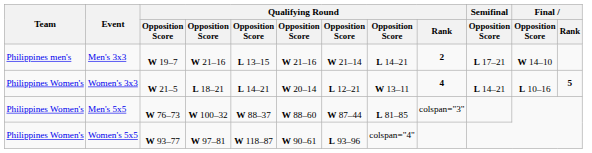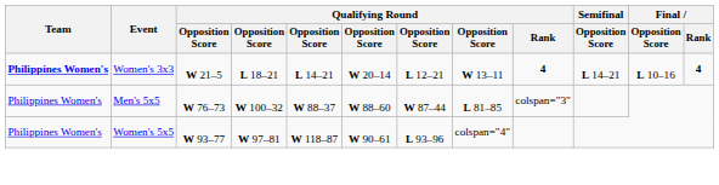 <table class="wikitable" style="font-size:90%">
 <tr>
 <th rowspan=2>Team</th>
 <th rowspan=2>Event</th>
 <th colspan=7>Qualifying Round</th>
 <th>Semifinal</th>
 <th colspan=2>Final / </th>
 </tr>
 <tr style="font-size:95%">
 <th>Opposition<br>Score</th>
 <th>Opposition<br>Score</th>
 <th>Opposition<br>Score</th>
 <th>Opposition<br>Score</th>
 <th>Opposition<br>Score</th>
 <th>Opposition<br>Score</th>
 <th>Rank</th>
 <th>Opposition<br>Score</th>
 <th>Opposition<br>Score</th>
 <th>Rank</th>
 </tr>
 <tr align=center>
-<td align=left><a href='#'>Philippines men's</a></td>
-<td align=left><a href='#'>Men's 3x3</a></td>
-<td><br> <strong>W</strong> 19–7</td>
-<td><br><strong>W</strong> 21–16</td>
-<td><br> <strong>L</strong> 13–15</td>
-<td><br><strong>W</strong> 21–16</td>
-<td><br><strong>W</strong> 21–14</td>
-<td><br> <strong>L</strong> 14–21</td>
-<td><strong>2</strong></td>
-<td><br> <strong>L</strong> 17–21</td>
-<td><br><strong>W</strong> 14–10</td>
-<td></td>
-</tr>
-<tr align=center>
-<td align=left><a href='#'>Philippines Women's</a></td>
+<td align=left><strong><a href='#'>Philippines Women's</a></strong></td>
 <td align=left><a href='#'>Women's 3x3</a></td>
 <td><br> <strong>W</strong> 21–5</td>
 <td><br> <strong>L</strong> 18–21</td>
 <td><br> <strong>L</strong> 14–21</td>
 <td><br> <strong>W</strong> 20–14</td>
 <td><br> <strong>L</strong> 12–21</td>
 <td><br> <strong>W</strong> 13–11</td>
 <td><strong>4</strong></td>
 <td><br> <strong>L</strong> 14–21</td>
 <td><br><strong>L</strong> 10–16</td>
-<td><strong>5</strong></td>
+<td><strong>4</strong></td>
 </tr>
 <tr align=center>
 <td align=left><a href='#'>Philippines Women's</a></td>
 <td align=left><a href='#'>Men's 5x5</a></td>
 <td><br> <strong>W</strong> 76–73</td>
 <td><br> <strong>W</strong> 100–32</td>
 <td><br> <strong>W</strong> 88–37</td>
 <td><br> <strong>W</strong> 88–60</td>
 <td><br> <strong>W</strong> 87–44</td>
 <td><br> <strong>L</strong> 81–85</td>
 <td>colspan="3" </td>
 <td></td>
 </tr>
 <tr align=center>
 <td align=left><a href='#'>Philippines Women's</a></td>
 <td align=left><a href='#'>Women's 5x5</a></td>
 <td><br> <strong>W</strong> 93–77</td>
 <td><br> <strong>W</strong> 97–81</td>
 <td><br> <strong>W</strong> 118–87</td>
 <td><br> <strong>W</strong> 90–61</td>
 <td><br> <strong>L</strong> 93–96</td>
 <td>colspan="4" </td>
 <td></td>
 </tr>
 </table>
